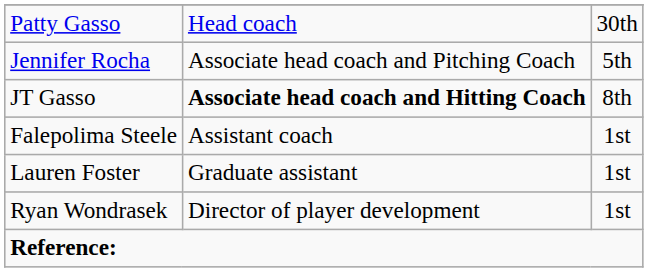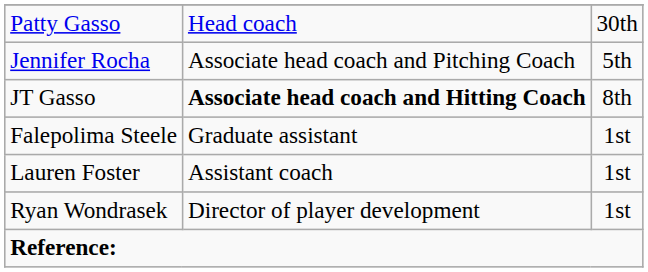 <table class="wikitable" style="font-size:93%;">
 <tr>
 </tr>
 <tr>
 <td><a href='#'>Patty Gasso</a></td>
 <td><a href='#'>Head coach</a></td>
 <td align=center>30th</td>
 </tr>
 <tr>
 <td><a href='#'>Jennifer Rocha</a></td>
 <td>Associate head coach and Pitching Coach</td>
 <td align="center">5th</td>
 </tr>
 <tr>
 <td>JT Gasso</td>
 <td><strong>Associate head coach and Hitting Coach</strong></td>
 <td align="center">8th</td>
 </tr>
 <tr>
 <td>Falepolima Steele</td>
-<td>Assistant coach</td>
+<td>Graduate assistant</td>
 <td align=center>1st</td>
 </tr>
 <tr>
 <td>Lauren Foster</td>
-<td>Graduate assistant</td>
+<td>Assistant coach</td>
 <td align=center>1st</td>
 </tr>
 <tr>
 <td>Ryan Wondrasek</td>
 <td>Director of player development</td>
 <td align=center>1st</td>
 </tr>
 <tr>
 <td colspan=4><strong>Reference:</strong></td>
 </tr>
 </table>
